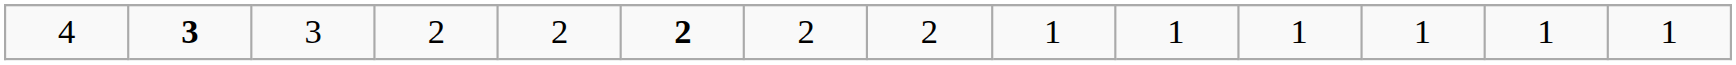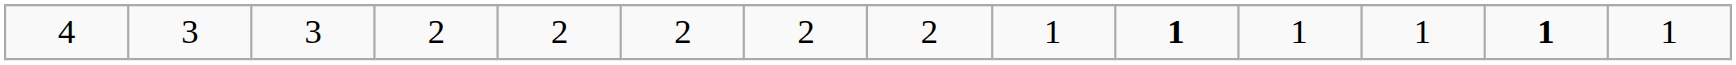 <table class="wikitable" style="text-align:center; width:50em;">
 <tr>
 </tr>
 <tr>
 <td>4</td>
-<td><strong>3</strong></td>
+<td>3</td>
 <td>3</td>
 <td>2</td>
 <td>2</td>
-<td><strong>2</strong></td>
+<td>2</td>
 <td>2</td>
 <td>2</td>
 <td>1</td>
+<td><strong>1</strong></td>
 <td>1</td>
 <td>1</td>
-<td>1</td>
-<td>1</td>
+<td><strong>1</strong></td>
 <td>1</td>
 </tr>
 </table>
